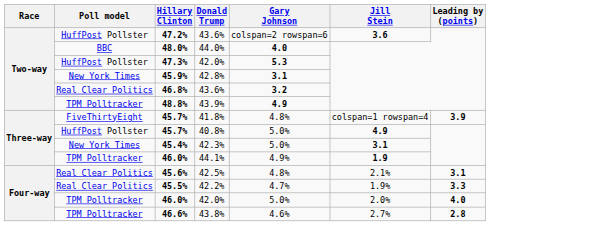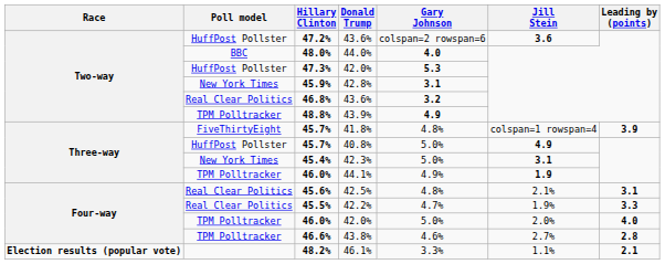 <table class="wikitable sortable sort-under" style="text-align:center">
 <tr>
 <th>Race</th>
 <th>Poll model</th>
 <th><a href='#'>Hillary<br>Clinton</a><br><small></small></th>
 <th><a href='#'>Donald<br>Trump</a><br><small></small></th>
 <th><a href='#'>Gary<br>Johnson</a><br><small></small></th>
 <th><a href='#'>Jill <br>Stein</a><br><small></small></th>
 <th>Leading by<br>(<a href='#'>points</a>)</th>
 </tr>
 <tr>
 <th rowspan=6>Two-way</th>
 <td rowspan=1><a href='#'>HuffPost</a> Pollster</td>
 <td><strong>47.2%</strong></td>
 <td>43.6%</td>
 <td>colspan=2 rowspan=6 </td>
 <td><strong>3.6</strong></td>
 </tr>
 <tr>
 <td rowspan=1><a href='#'>BBC</a></td>
 <td><strong>48.0%</strong></td>
 <td>44.0%</td>
 <td><strong>4.0</strong></td>
 </tr>
 <tr>
 <td rowspan=1><a href='#'>HuffPost</a> Pollster</td>
 <td><strong>47.3%</strong></td>
 <td>42.0%</td>
 <td><strong>5.3</strong></td>
 </tr>
 <tr>
 <td rowspan=1><a href='#'>New York Times</a></td>
 <td><strong>45.9%</strong></td>
 <td>42.8%</td>
 <td><strong>3.1</strong></td>
 </tr>
 <tr>
 <td rowspan=1><a href='#'>Real Clear Politics</a></td>
 <td><strong>46.8%</strong></td>
 <td>43.6%</td>
 <td><strong>3.2</strong></td>
 </tr>
 <tr>
 <td rowspan=1><a href='#'>TPM Polltracker</a></td>
 <td><strong>48.8%</strong></td>
 <td>43.9%</td>
 <td><strong>4.9</strong></td>
 </tr>
 <tr>
 <th rowspan=4>Three-way</th>
 <td rowspan=1><a href='#'>FiveThirtyEight</a></td>
 <td><strong>45.7%</strong></td>
 <td>41.8%</td>
 <td>4.8%</td>
 <td>colspan=1 rowspan=4 </td>
 <td><strong>3.9</strong></td>
 </tr>
 <tr>
 <td rowspan=1><a href='#'>HuffPost</a> Pollster</td>
 <td><strong>45.7%</strong></td>
 <td>40.8%</td>
 <td>5.0%</td>
 <td><strong>4.9</strong></td>
 </tr>
 <tr>
 <td rowspan=1><a href='#'>New York Times</a></td>
 <td><strong>45.4%</strong></td>
 <td>42.3%</td>
 <td>5.0%</td>
 <td><strong>3.1</strong></td>
 </tr>
 <tr>
 <td rowspan=1><a href='#'>TPM Polltracker</a></td>
 <td><strong>46.0%</strong></td>
 <td>44.1%</td>
 <td>4.9%</td>
 <td><strong>1.9</strong></td>
 </tr>
 <tr>
 <th rowspan=4>Four-way</th>
 <td><a href='#'>Real Clear Politics</a></td>
 <td><strong>45.6%</strong></td>
 <td>42.5%</td>
 <td>4.8%</td>
 <td>2.1%</td>
 <td><strong>3.1</strong></td>
 </tr>
 <tr>
 <td><a href='#'>Real Clear Politics</a></td>
 <td><strong>45.5%</strong></td>
 <td>42.2%</td>
 <td>4.7%</td>
 <td>1.9%</td>
 <td><strong>3.3</strong></td>
 </tr>
 <tr>
 <td rowspan=1><a href='#'>TPM Polltracker</a></td>
 <td><strong>46.0%</strong></td>
 <td>42.0%</td>
 <td>5.0%</td>
 <td>2.0%</td>
 <td><strong>4.0</strong></td>
 </tr>
 <tr>
 <td rowspan=1><a href='#'>TPM Polltracker</a></td>
 <td><strong>46.6%</strong></td>
 <td>43.8%</td>
 <td>4.6%</td>
 <td>2.7%</td>
 <td><strong>2.8</strong></td>
 </tr>
+<tr>
+<td><strong>Election results (popular vote)</strong></td>
+<td></td>
+<td><strong>48.2%</strong></td>
+<td>46.1%</td>
+<td>3.3%</td>
+<td>1.1%</td>
+<td><strong>2.1</strong></td>
+</tr>
 </table>
